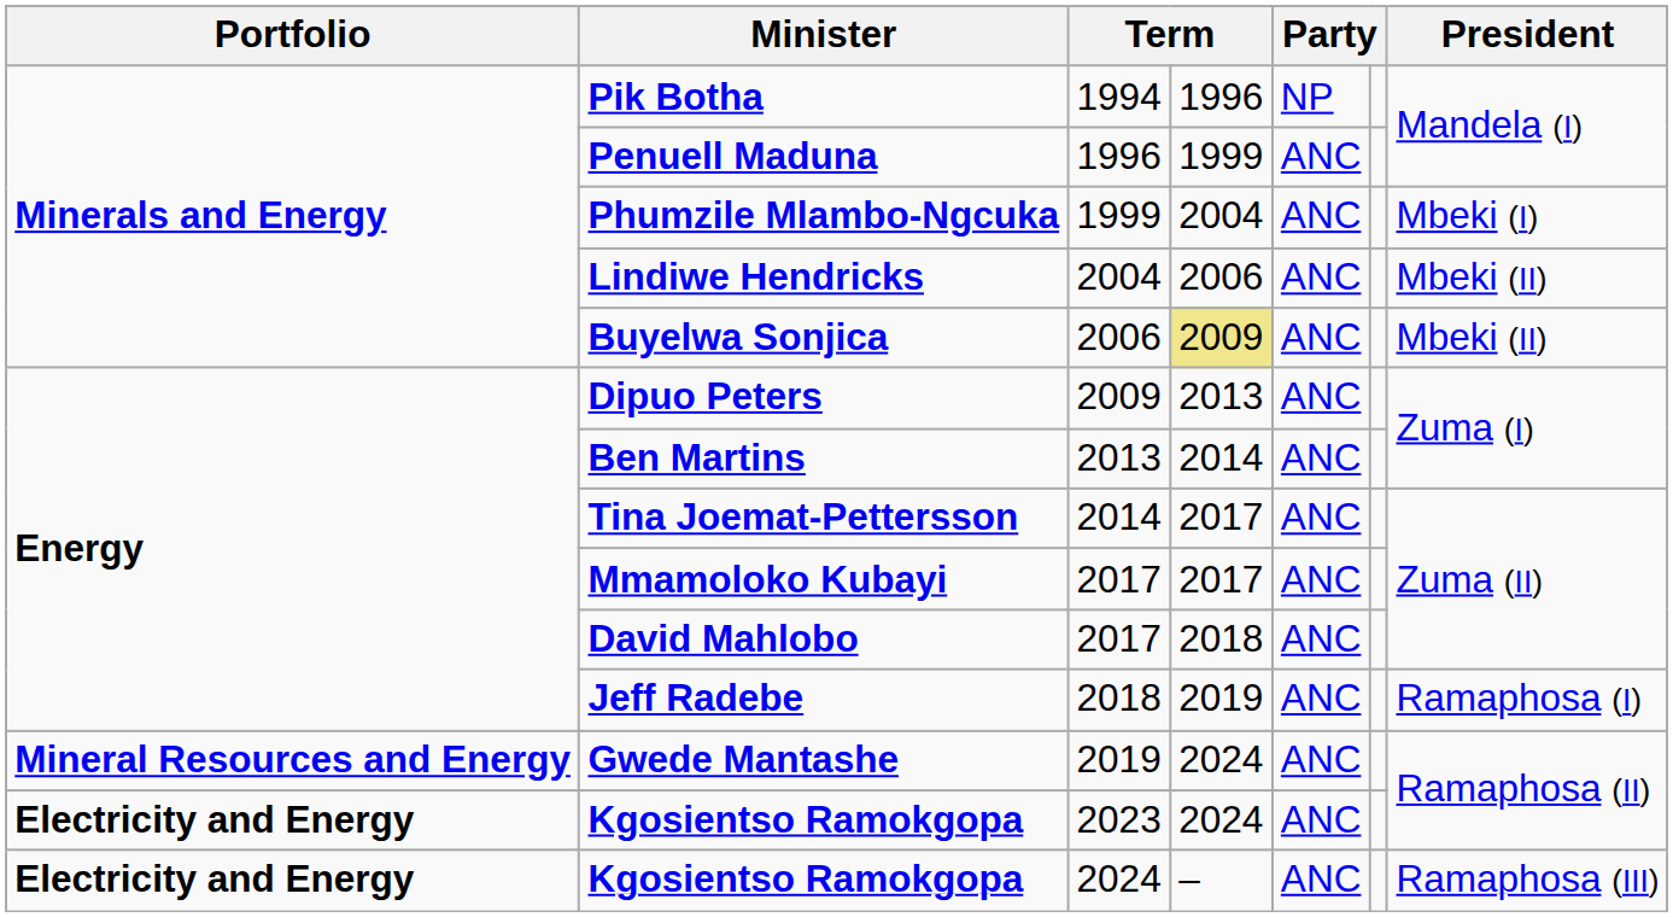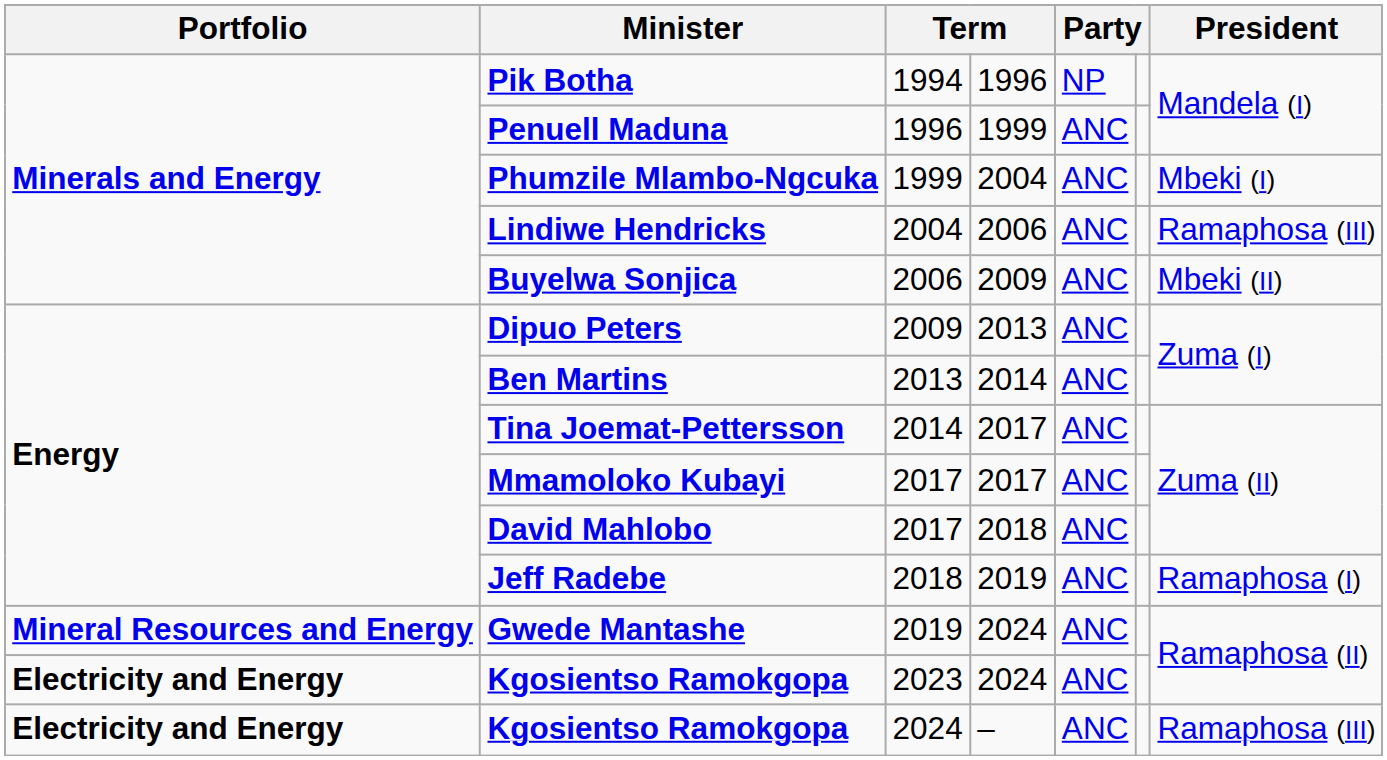 <table class="wikitable">
 <tr>
 <th>Portfolio</th>
 <th>Minister</th>
 <th colspan="2">Term</th>
 <th colspan="2">Party</th>
 <th>President</th>
 </tr>
 <tr>
 <td rowspan="5"><a href='#'><strong>Minerals and Energy</strong></a></td>
 <td><strong><a href='#'>Pik Botha</a></strong></td>
 <td>1994</td>
 <td>1996</td>
 <td><a href='#'>NP</a></td>
 <td style="background-color: "></td>
 <td rowspan="2"><a href='#'>Mandela</a> <small>(<a href='#'>I</a>)</small></td>
 </tr>
 <tr>
 <td><strong><a href='#'>Penuell Maduna</a></strong></td>
 <td>1996</td>
 <td>1999</td>
 <td><a href='#'>ANC</a></td>
 <td style="background-color: "></td>
 </tr>
 <tr>
 <td><strong><a href='#'>Phumzile Mlambo-Ngcuka</a></strong></td>
 <td>1999</td>
 <td>2004</td>
 <td><a href='#'>ANC</a></td>
 <td style="background-color: "></td>
 <td><a href='#'>Mbeki</a> <small>(<a href='#'>I</a>)</small></td>
 </tr>
 <tr>
 <td><strong><a href='#'>Lindiwe Hendricks</a></strong></td>
 <td>2004</td>
 <td>2006</td>
 <td><a href='#'>ANC</a></td>
 <td style="background-color: "></td>
-<td><a href='#'>Mbeki</a> <small>(<a href='#'>II</a>)</small></td>
+<td><a href='#'>Ramaphosa</a> <small>(<a href='#'>III</a>)</small></td>
 </tr>
 <tr>
 <td><strong><a href='#'>Buyelwa Sonjica</a></strong></td>
 <td>2006</td>
-<td style="background: khaki;">2009</td>
+<td>2009</td>
 <td><a href='#'>ANC</a></td>
 <td style="background-color: "></td>
 <td><a href='#'>Mbeki</a> <small>(<a href='#'>II</a>)</small></td>
 </tr>
 <tr>
 <td rowspan="6"><strong>Energy</strong></td>
 <td><strong><a href='#'>Dipuo Peters</a></strong></td>
 <td>2009</td>
 <td>2013</td>
 <td><a href='#'>ANC</a></td>
 <td style="background-color: "></td>
 <td rowspan="2"><a href='#'>Zuma</a> <small>(<a href='#'>I</a>)</small></td>
 </tr>
 <tr>
 <td><strong><a href='#'>Ben Martins</a></strong></td>
 <td>2013</td>
 <td>2014</td>
 <td><a href='#'>ANC</a></td>
 <td style="background-color: "></td>
 </tr>
 <tr>
 <td><strong><a href='#'>Tina Joemat-Pettersson</a></strong></td>
 <td>2014</td>
 <td>2017</td>
 <td><a href='#'>ANC</a></td>
 <td style="background-color: "></td>
 <td rowspan="3"><a href='#'>Zuma</a> <small>(<a href='#'>II</a>)</small></td>
 </tr>
 <tr>
 <td><a href='#'><strong>Mmamoloko Kubayi</strong></a></td>
 <td>2017</td>
 <td>2017</td>
 <td><a href='#'>ANC</a></td>
 <td style="background-color: "></td>
 </tr>
 <tr>
 <td><strong><a href='#'>David Mahlobo</a></strong></td>
 <td>2017</td>
 <td>2018</td>
 <td><a href='#'>ANC</a></td>
 <td style="background-color: "></td>
 </tr>
 <tr>
 <td><strong><a href='#'>Jeff Radebe</a></strong></td>
 <td>2018</td>
 <td>2019</td>
 <td><a href='#'>ANC</a></td>
 <td style="background-color: "></td>
 <td><a href='#'>Ramaphosa</a> <small>(<a href='#'>I</a>)</small></td>
 </tr>
 <tr>
 <td><a href='#'><strong>Mineral Resources and Energy</strong></a></td>
 <td><strong><a href='#'>Gwede Mantashe</a></strong></td>
 <td>2019</td>
 <td>2024</td>
 <td><a href='#'>ANC</a></td>
 <td style="background-color: "></td>
 <td rowspan="2"><a href='#'>Ramaphosa</a> <small>(<a href='#'>II</a>)</small></td>
 </tr>
 <tr>
 <td><strong>Electricity and Energy</strong></td>
 <td><strong><a href='#'>Kgosientso Ramokgopa</a></strong></td>
 <td>2023</td>
 <td>2024</td>
 <td><a href='#'>ANC</a></td>
 <td style="background-color: "></td>
 </tr>
 <tr>
 <td><strong>Electricity and Energy</strong></td>
 <td><strong><a href='#'>Kgosientso Ramokgopa</a></strong></td>
 <td>2024</td>
 <td>–</td>
 <td><a href='#'>ANC</a></td>
 <td style="background-color: "></td>
 <td><a href='#'>Ramaphosa</a> <small>(<a href='#'>III</a>)</small></td>
 </tr>
 </table>
